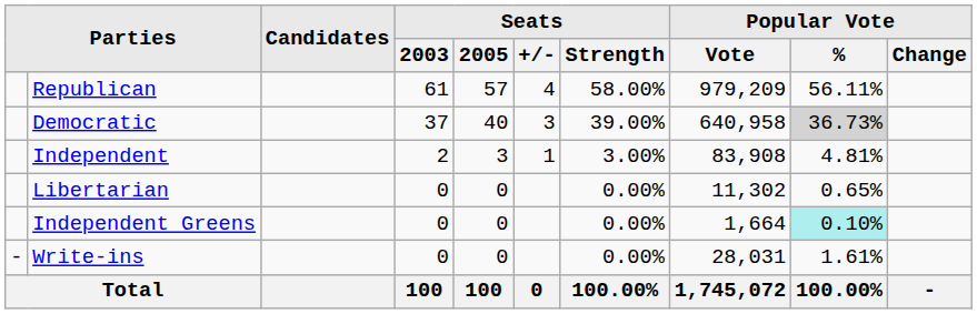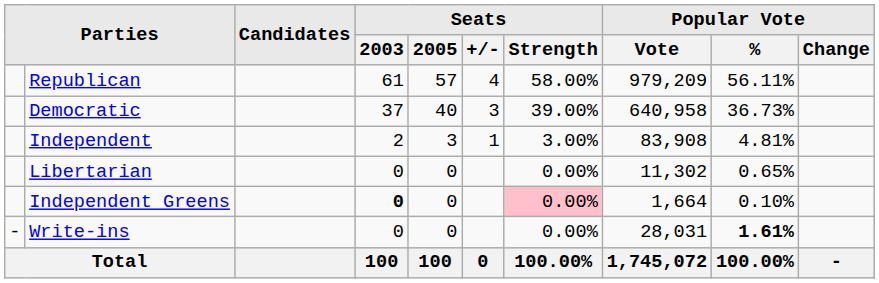 <table class="wikitable">
 <tr>
 <th colspan="2" rowspan="2" align="center" style="background-color:#E9E9E9">Parties</th>
 <th rowspan="2" align="center" style="background-color:#E9E9E9">Candidates</th>
 <th colspan="4" align="center" style="background-color:#E9E9E9">Seats</th>
 <th colspan="3" align="center" style="background-color:#E9E9E9">Popular Vote</th>
 </tr>
 <tr>
 <th align="center">2003</th>
 <th align="center">2005</th>
 <th align="center">+/-</th>
 <th align="center">Strength</th>
 <th align="center">Vote</th>
 <th align="center">%</th>
 <th align="center">Change</th>
 </tr>
 <tr>
 <td></td>
 <td align="left"><a href='#'>Republican</a></td>
 <td align="right"></td>
 <td align="right" >61</td>
 <td align="right" >57</td>
 <td align="right"> 4</td>
 <td align="right" >58.00%</td>
 <td align="right" >979,209</td>
 <td align="right" >56.11%</td>
 <td align="right"></td>
 </tr>
 <tr>
 <td></td>
 <td align="left"><a href='#'>Democratic</a></td>
 <td align="right"></td>
 <td align="right">37</td>
 <td align="right">40</td>
 <td align="right"> 3</td>
 <td align="right">39.00%</td>
 <td align="right">640,958</td>
-<td align="right" style="background: lightgrey;">36.73%</td>
+<td align="right">36.73%</td>
 <td align="right"></td>
 </tr>
 <tr>
 <td></td>
 <td><a href='#'>Independent</a></td>
 <td align="right"></td>
 <td align="right">2</td>
 <td align="right">3</td>
 <td align="right"> 1</td>
 <td align="right">3.00%</td>
 <td align="right">83,908</td>
 <td align="right">4.81%</td>
 <td align="right"></td>
 </tr>
 <tr>
 <td></td>
 <td><a href='#'>Libertarian</a></td>
 <td align="right"></td>
 <td align="right">0</td>
 <td align="right">0</td>
 <td align="right"></td>
 <td align="right">0.00%</td>
 <td align="right">11,302</td>
 <td align="right">0.65%</td>
 <td align="right"></td>
 </tr>
 <tr>
 <td></td>
 <td><a href='#'>Independent Greens</a></td>
 <td align="right"></td>
-<td align="right">0</td>
+<td align="right"><strong>0</strong></td>
 <td align="right">0</td>
 <td align="right"></td>
-<td align="right">0.00%</td>
+<td align="right" style="background: pink;">0.00%</td>
 <td align="right">1,664</td>
-<td align="right" style="background: paleturquoise;">0.10%</td>
+<td align="right">0.10%</td>
 <td align="right"></td>
 </tr>
 <tr>
 <td>-</td>
 <td><a href='#'>Write-ins</a></td>
 <td align="right"></td>
 <td align="right">0</td>
 <td align="right">0</td>
 <td align="right"></td>
 <td align="right">0.00%</td>
 <td align="right">28,031</td>
-<td align="right">1.61%</td>
+<td align="right"><strong>1.61%</strong></td>
 <td align="right"></td>
 </tr>
 <tr>
 <th colspan="2" align="center">Total</th>
 <th align="center"></th>
 <th align="center">100</th>
 <th align="center">100</th>
 <th align="center">0</th>
 <th align="center">100.00%</th>
 <th align="center">1,745,072</th>
 <th align="center">100.00%</th>
 <th align="center">-</th>
 </tr>
 </table>
